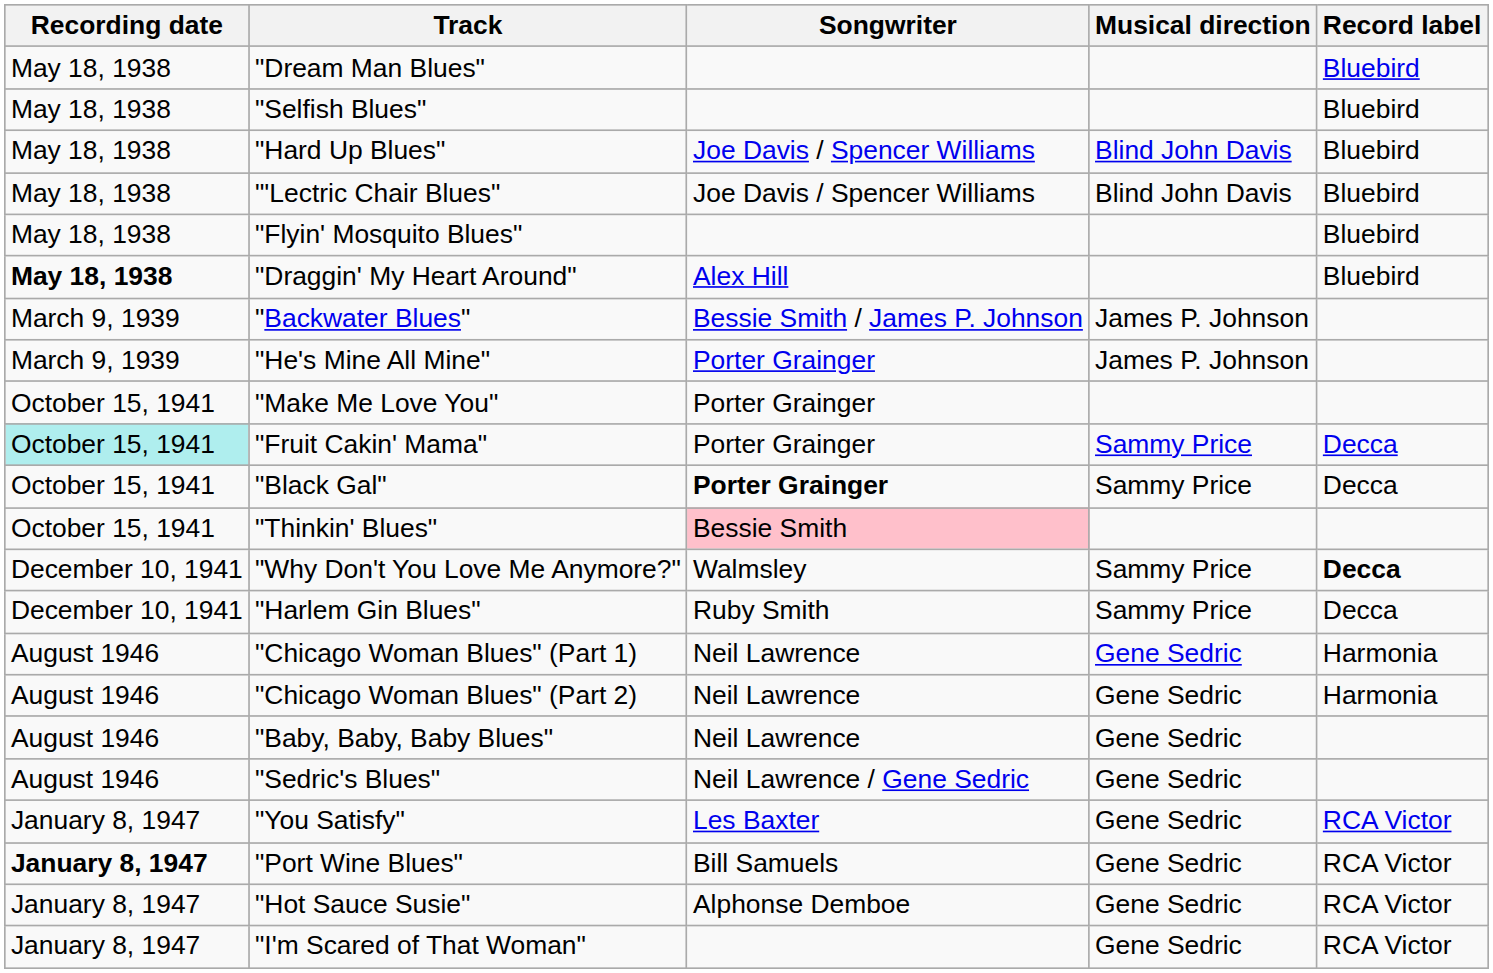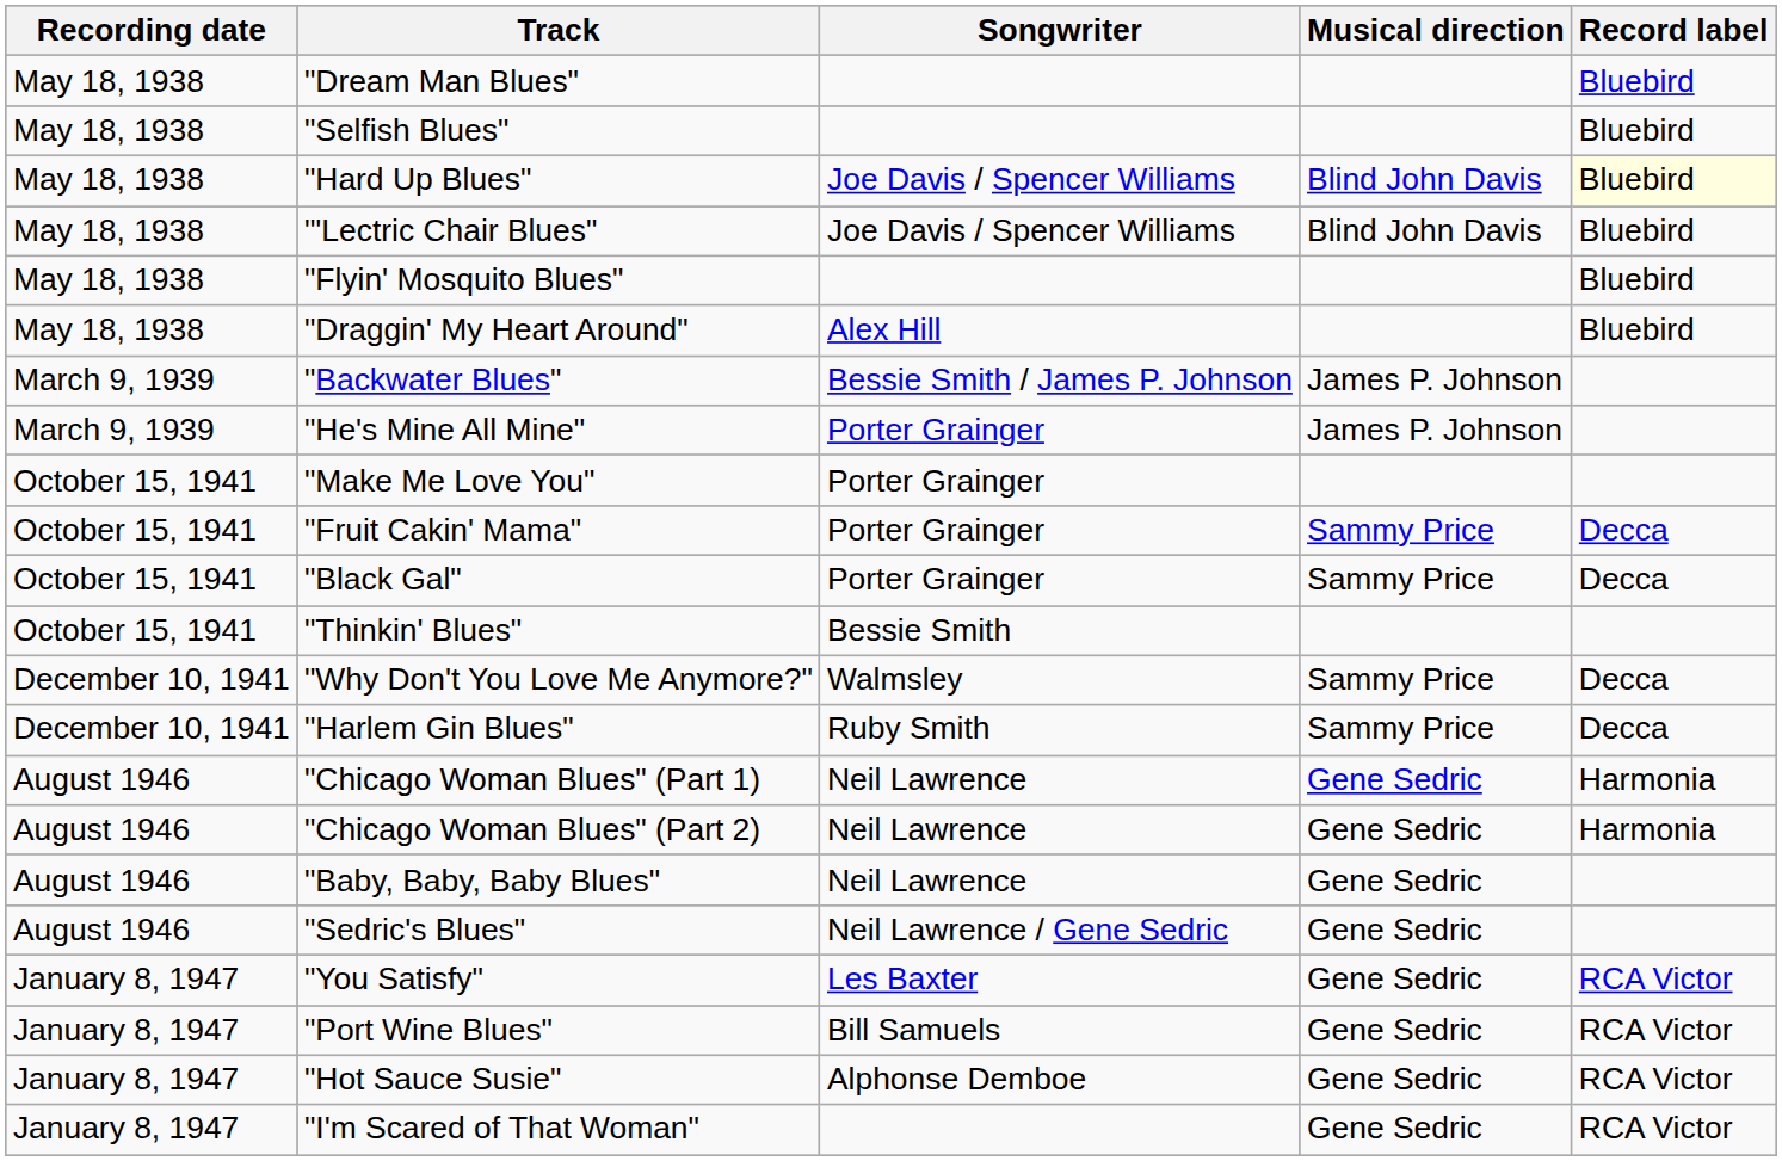 <table class="wikitable sortable">
 <tr>
 <th>Recording date</th>
 <th>Track</th>
 <th>Songwriter</th>
 <th>Musical direction</th>
 <th>Record label</th>
 </tr>
 <tr>
 <td>May 18, 1938</td>
 <td>"Dream Man Blues"</td>
 <td></td>
 <td></td>
 <td><a href='#'>Bluebird</a></td>
 </tr>
 <tr>
 <td>May 18, 1938</td>
 <td>"Selfish Blues"</td>
 <td></td>
 <td></td>
 <td>Bluebird</td>
 </tr>
 <tr>
 <td>May 18, 1938</td>
 <td>"Hard Up Blues"</td>
 <td><a href='#'>Joe Davis</a> / <a href='#'>Spencer Williams</a></td>
 <td><a href='#'>Blind John Davis</a></td>
-<td>Bluebird</td>
+<td style="background: lightyellow;">Bluebird</td>
 </tr>
 <tr>
 <td>May 18, 1938</td>
 <td>"'Lectric Chair Blues"</td>
 <td>Joe Davis / Spencer Williams</td>
 <td>Blind John Davis</td>
 <td>Bluebird</td>
 </tr>
 <tr>
 <td>May 18, 1938</td>
 <td>"Flyin' Mosquito Blues"</td>
 <td></td>
 <td></td>
 <td>Bluebird</td>
 </tr>
 <tr>
-<td><strong>May 18, 1938</strong></td>
+<td>May 18, 1938</td>
 <td>"Draggin' My Heart Around"</td>
 <td><a href='#'>Alex Hill</a></td>
 <td></td>
 <td>Bluebird</td>
 </tr>
 <tr>
 <td>March 9, 1939</td>
 <td>"<a href='#'>Backwater Blues</a>"</td>
 <td><a href='#'>Bessie Smith</a> / <a href='#'>James P. Johnson</a></td>
 <td>James P. Johnson</td>
 <td></td>
 </tr>
 <tr>
 <td>March 9, 1939</td>
 <td>"He's Mine All Mine"</td>
 <td><a href='#'>Porter Grainger</a></td>
 <td>James P. Johnson</td>
 <td></td>
 </tr>
 <tr>
 <td>October 15, 1941</td>
 <td>"Make Me Love You"</td>
 <td>Porter Grainger</td>
 <td></td>
 <td></td>
 </tr>
 <tr>
-<td style="background: paleturquoise;">October 15, 1941</td>
+<td>October 15, 1941</td>
 <td>"Fruit Cakin' Mama"</td>
 <td>Porter Grainger</td>
 <td><a href='#'>Sammy Price</a></td>
 <td><a href='#'>Decca</a></td>
 </tr>
 <tr>
 <td>October 15, 1941</td>
 <td>"Black Gal"</td>
-<td><strong>Porter Grainger</strong></td>
+<td>Porter Grainger</td>
 <td>Sammy Price</td>
 <td>Decca</td>
 </tr>
 <tr>
 <td>October 15, 1941</td>
 <td>"Thinkin' Blues"</td>
-<td style="background: pink;">Bessie Smith</td>
+<td>Bessie Smith</td>
 <td></td>
 <td></td>
 </tr>
 <tr>
 <td>December 10, 1941</td>
 <td>"Why Don't You Love Me Anymore?"</td>
 <td>Walmsley</td>
 <td>Sammy Price</td>
-<td><strong>Decca</strong></td>
+<td>Decca</td>
 </tr>
 <tr>
 <td>December 10, 1941</td>
 <td>"Harlem Gin Blues"</td>
 <td>Ruby Smith</td>
 <td>Sammy Price</td>
 <td>Decca</td>
 </tr>
 <tr>
 <td>August 1946</td>
 <td>"Chicago Woman Blues" (Part 1)</td>
 <td>Neil Lawrence</td>
 <td><a href='#'>Gene Sedric</a></td>
 <td>Harmonia</td>
 </tr>
 <tr>
 <td>August 1946</td>
 <td>"Chicago Woman Blues" (Part 2)</td>
 <td>Neil Lawrence</td>
 <td>Gene Sedric</td>
 <td>Harmonia</td>
 </tr>
 <tr>
 <td>August 1946</td>
 <td>"Baby, Baby, Baby Blues"</td>
 <td>Neil Lawrence</td>
 <td>Gene Sedric</td>
 <td></td>
 </tr>
 <tr>
 <td>August 1946</td>
 <td>"Sedric's Blues"</td>
 <td>Neil Lawrence / <a href='#'>Gene Sedric</a></td>
 <td>Gene Sedric</td>
 <td></td>
 </tr>
 <tr>
 <td>January 8, 1947</td>
 <td>"You Satisfy"</td>
 <td><a href='#'>Les Baxter</a></td>
 <td>Gene Sedric</td>
 <td><a href='#'>RCA Victor</a></td>
 </tr>
 <tr>
-<td><strong>January 8, 1947</strong></td>
+<td>January 8, 1947</td>
 <td>"Port Wine Blues"</td>
 <td>Bill Samuels</td>
 <td>Gene Sedric</td>
 <td>RCA Victor</td>
 </tr>
 <tr>
 <td>January 8, 1947</td>
 <td>"Hot Sauce Susie"</td>
 <td>Alphonse Demboe</td>
 <td>Gene Sedric</td>
 <td>RCA Victor</td>
 </tr>
 <tr>
 <td>January 8, 1947</td>
 <td>"I'm Scared of That Woman"</td>
 <td></td>
 <td>Gene Sedric</td>
 <td>RCA Victor</td>
 </tr>
 <tr>
 </tr>
 </table>
